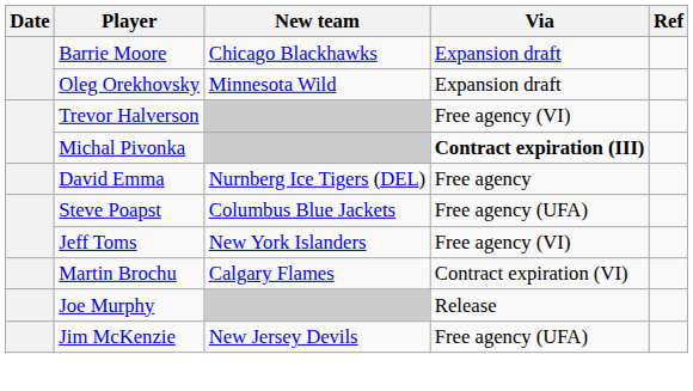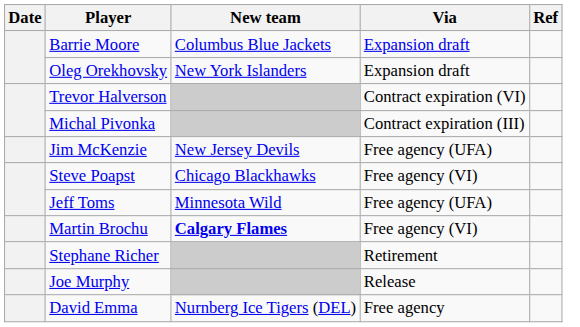 <table class="wikitable plainrowheaders">
 <tr style="background:#ddd; text-align:center;">
 <th>Date</th>
 <th>Player</th>
 <th>New team</th>
 <th>Via</th>
 <th>Ref</th>
 </tr>
 <tr>
 <th scope="row" rowspan=2></th>
 <td><a href='#'>Barrie Moore</a></td>
-<td><a href='#'>Chicago Blackhawks</a></td>
+<td><a href='#'>Columbus Blue Jackets</a></td>
 <td><a href='#'>Expansion draft</a></td>
 <td></td>
 </tr>
 <tr>
 <td><a href='#'>Oleg Orekhovsky</a></td>
-<td><a href='#'>Minnesota Wild</a></td>
+<td><a href='#'>New York Islanders</a></td>
 <td>Expansion draft</td>
 <td></td>
 </tr>
 <tr>
 <th scope="row" rowspan=2></th>
 <td><a href='#'>Trevor Halverson</a></td>
 <td style="background:#ccc"></td>
-<td>Free agency (VI)</td>
+<td>Contract expiration (VI)</td>
 <td></td>
 </tr>
 <tr>
 <td><a href='#'>Michal Pivonka</a></td>
 <td style="background:#ccc"></td>
-<td><strong>Contract expiration (III)</strong></td>
+<td>Contract expiration (III)</td>
 <td></td>
 </tr>
 <tr>
 <th scope="row"></th>
-<td><a href='#'>David Emma</a></td>
-<td><a href='#'>Nurnberg Ice Tigers</a> (<a href='#'>DEL</a>)</td>
-<td>Free agency</td>
+<td><a href='#'>Jim McKenzie</a></td>
+<td><a href='#'>New Jersey Devils</a></td>
+<td>Free agency (UFA)</td>
 <td></td>
 </tr>
 <tr>
 <th scope="row" rowspan=2></th>
 <td><a href='#'>Steve Poapst</a></td>
-<td><a href='#'>Columbus Blue Jackets</a></td>
+<td><a href='#'>Chicago Blackhawks</a></td>
+<td>Free agency (VI)</td>
+<td></td>
+</tr>
+<tr>
+<td><a href='#'>Jeff Toms</a></td>
+<td><a href='#'>Minnesota Wild</a></td>
 <td>Free agency (UFA)</td>
 <td></td>
 </tr>
 <tr>
-<td><a href='#'>Jeff Toms</a></td>
-<td><a href='#'>New York Islanders</a></td>
+<th scope="row"></th>
+<td><a href='#'>Martin Brochu</a></td>
+<td><strong><a href='#'>Calgary Flames</a></strong></td>
 <td>Free agency (VI)</td>
 <td></td>
 </tr>
 <tr>
 <th scope="row"></th>
-<td><a href='#'>Martin Brochu</a></td>
-<td><a href='#'>Calgary Flames</a></td>
-<td>Contract expiration (VI)</td>
+<td><a href='#'>Stephane Richer</a></td>
+<td style="background:#ccc"></td>
+<td>Retirement</td>
 <td></td>
 </tr>
 <tr>
 <th scope="row"></th>
 <td><a href='#'>Joe Murphy</a></td>
 <td style="background:#ccc"></td>
 <td>Release</td>
 <td></td>
 </tr>
 <tr>
 <th scope="row"></th>
-<td><a href='#'>Jim McKenzie</a></td>
-<td><a href='#'>New Jersey Devils</a></td>
-<td>Free agency (UFA)</td>
+<td><a href='#'>David Emma</a></td>
+<td><a href='#'>Nurnberg Ice Tigers</a> (<a href='#'>DEL</a>)</td>
+<td>Free agency</td>
 <td></td>
 </tr>
 </table>
